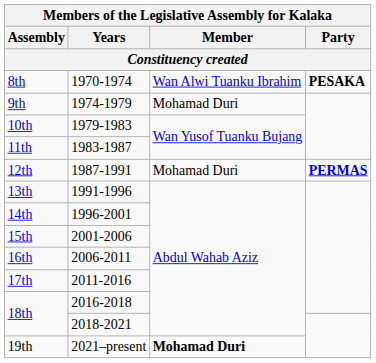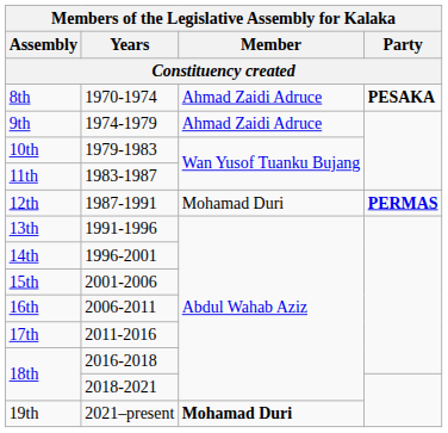 <table class=wikitable>
 <tr>
 <th colspan="4">Members of the Legislative Assembly for Kalaka</th>
 </tr>
 <tr>
 <th>Assembly</th>
 <th>Years</th>
 <th>Member</th>
 <th>Party</th>
 </tr>
 <tr>
 <th colspan=4 align=center><em>Constituency created</em></th>
 </tr>
 <tr>
 <td><a href='#'>8th</a></td>
 <td>1970-1974</td>
-<td><a href='#'>Wan Alwi Tuanku Ibrahim</a></td>
+<td><a href='#'>Ahmad Zaidi Adruce</a></td>
 <td><strong>PESAKA</strong></td>
 </tr>
 <tr>
 <td><a href='#'>9th</a></td>
 <td>1974-1979</td>
-<td>Mohamad Duri</td>
+<td><a href='#'>Ahmad Zaidi Adruce</a></td>
 <td rowspan=3></td>
 </tr>
 <tr>
 <td><a href='#'>10th</a></td>
 <td>1979-1983</td>
 <td rowspan=2><a href='#'>Wan Yusof Tuanku Bujang</a></td>
 </tr>
 <tr>
 <td><a href='#'>11th</a></td>
 <td>1983-1987</td>
 </tr>
 <tr>
 <td><a href='#'>12th</a></td>
 <td>1987-1991</td>
 <td>Mohamad Duri</td>
 <td><strong><a href='#'>PERMAS</a></strong></td>
 </tr>
 <tr>
 <td><a href='#'>13th</a></td>
 <td>1991-1996</td>
 <td rowspan="7"><a href='#'>Abdul Wahab Aziz</a></td>
 <td rowspan=6></td>
 </tr>
 <tr>
 <td><a href='#'>14th</a></td>
 <td>1996-2001</td>
 </tr>
 <tr>
 <td><a href='#'>15th</a></td>
 <td>2001-2006</td>
 </tr>
 <tr>
 <td><a href='#'>16th</a></td>
 <td>2006-2011</td>
 </tr>
 <tr>
 <td><a href='#'>17th</a></td>
 <td>2011-2016</td>
 </tr>
 <tr>
 <td rowspan="2"><a href='#'>18th</a></td>
 <td>2016-2018</td>
 </tr>
 <tr>
 <td>2018-2021</td>
 <td rowspan="2"></td>
 </tr>
 <tr>
 <td>19th</td>
 <td>2021–present</td>
 <td><strong>Mohamad Duri</strong></td>
 </tr>
 </table>
